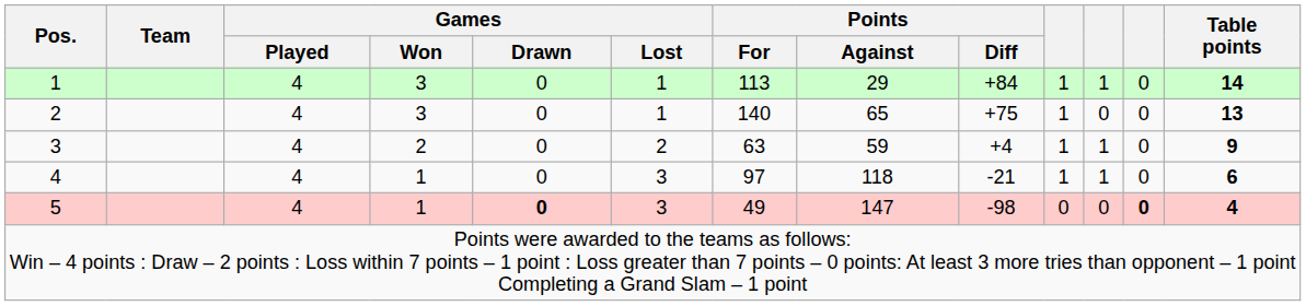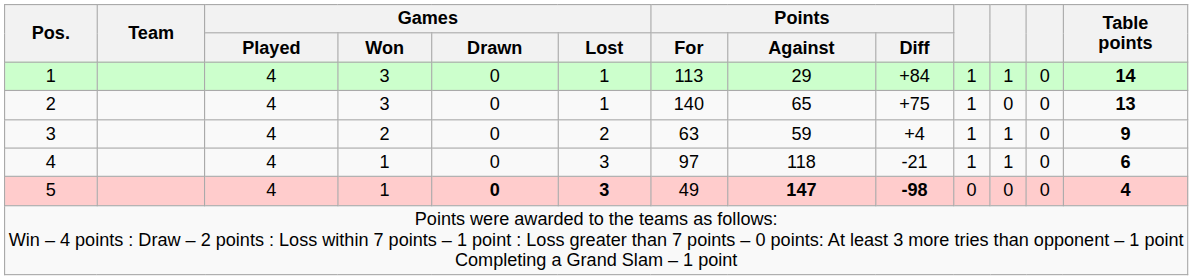 <table class="wikitable" style="text-align:center">
 <tr>
 <th rowspan="2">Pos.</th>
 <th rowspan="2">Team</th>
 <th colspan="4">Games</th>
 <th colspan="3">Points</th>
 <th rowspan="2"></th>
 <th rowspan="2"></th>
 <th rowspan="2"></th>
 <th rowspan="2">Table<br>points</th>
 </tr>
 <tr>
 <th>Played</th>
 <th>Won</th>
 <th>Drawn</th>
 <th>Lost</th>
 <th>For</th>
 <th>Against</th>
 <th>Diff</th>
 </tr>
 <tr style="background:#cfc">
 <td>1</td>
 <td align=left></td>
 <td>4</td>
 <td>3</td>
 <td>0</td>
 <td>1</td>
 <td>113</td>
 <td>29</td>
 <td>+84</td>
 <td>1</td>
 <td>1</td>
 <td>0</td>
 <td><strong>14</strong></td>
 </tr>
 <tr align=center>
 <td>2</td>
 <td align=left></td>
 <td>4</td>
 <td>3</td>
 <td>0</td>
 <td>1</td>
 <td>140</td>
 <td>65</td>
 <td>+75</td>
 <td>1</td>
 <td>0</td>
 <td>0</td>
 <td><strong>13</strong></td>
 </tr>
 <tr align=center>
 <td>3</td>
 <td align=left></td>
 <td>4</td>
 <td>2</td>
 <td>0</td>
 <td>2</td>
 <td>63</td>
 <td>59</td>
 <td>+4</td>
 <td>1</td>
 <td>1</td>
 <td>0</td>
 <td><strong>9</strong></td>
 </tr>
 <tr align=center>
 <td>4</td>
 <td align=left></td>
 <td>4</td>
 <td>1</td>
 <td>0</td>
 <td>3</td>
 <td>97</td>
 <td>118</td>
 <td>-21</td>
 <td>1</td>
 <td>1</td>
 <td>0</td>
 <td><strong>6</strong></td>
 </tr>
 <tr style="text-align:center; background:#fcc;">
 <td>5</td>
 <td align=left></td>
 <td>4</td>
 <td>1</td>
 <td><strong>0</strong></td>
-<td>3</td>
+<td><strong>3</strong></td>
 <td>49</td>
-<td>147</td>
-<td>-98</td>
+<td><strong>147</strong></td>
+<td><strong>-98</strong></td>
 <td>0</td>
 <td>0</td>
-<td><strong>0</strong></td>
+<td>0</td>
 <td><strong>4</strong></td>
 </tr>
 <tr>
 <td colspan="13">Points were awarded to the teams as follows:<br>Win – 4 points : Draw – 2 points : Loss within 7 points – 1 point : Loss greater than 7 points – 0 points: At least 3 more tries than opponent – 1 point<br>Completing a Grand Slam – 1 point</td>
 </tr>
 </table>
